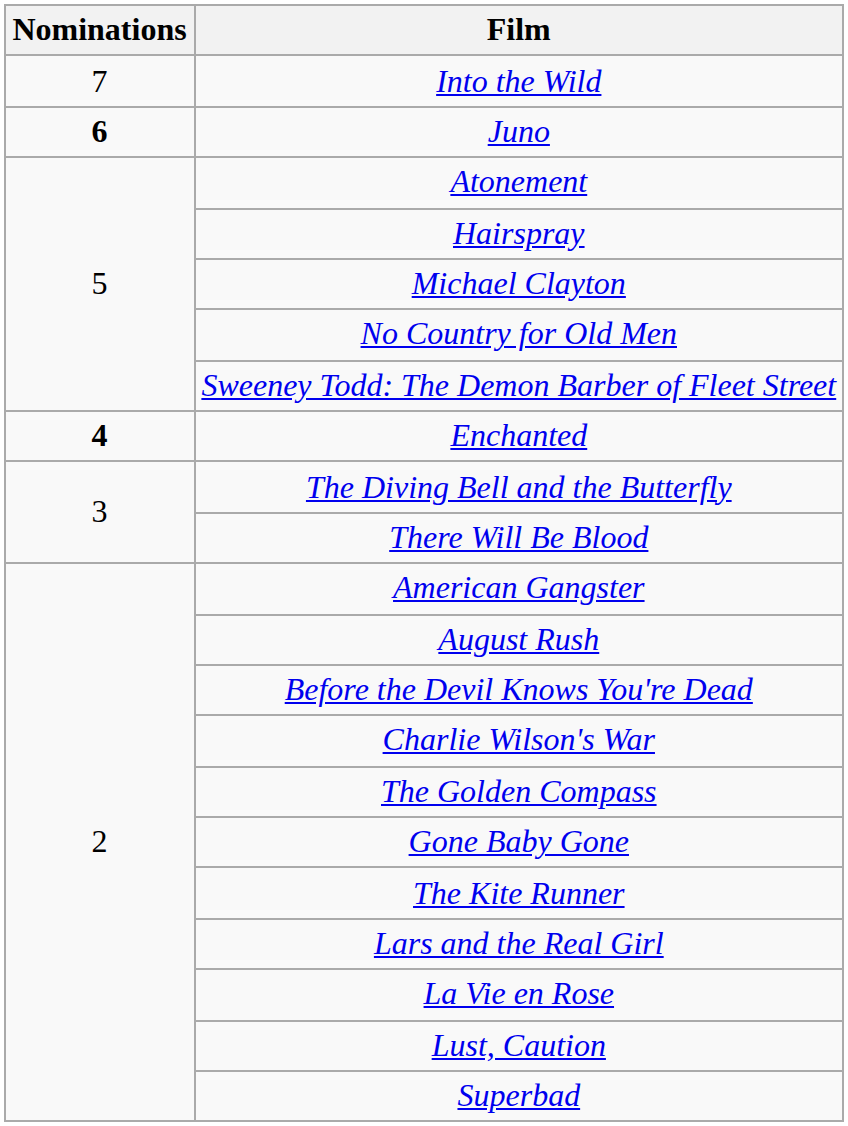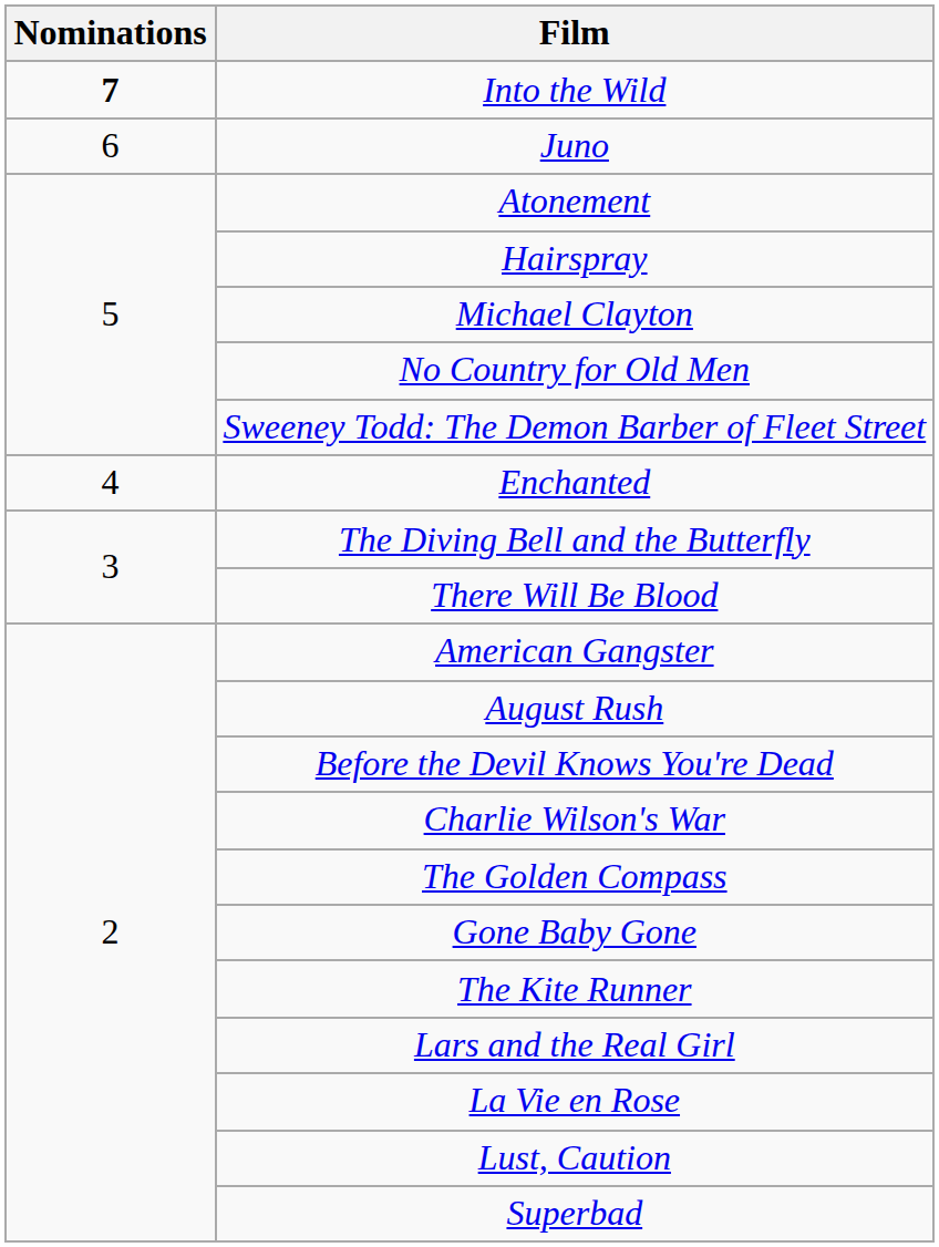 <table class="wikitable" rowspan="2" style="text-align:center;" background: #f6e39c;>
 <tr>
 <th scope="col" style="width:55px;">Nominations</th>
 <th scope="col" style="text-align:center;">Film</th>
 </tr>
 <tr>
-<td>7</td>
+<td><strong>7</strong></td>
 <td><em><a href='#'>Into the Wild</a></em></td>
 </tr>
 <tr>
-<td><strong>6</strong></td>
+<td>6</td>
 <td><em><a href='#'>Juno</a></em></td>
 </tr>
 <tr>
 <td rowspan="5">5</td>
 <td><em><a href='#'>Atonement</a></em></td>
 </tr>
 <tr>
 <td><em><a href='#'>Hairspray</a></em></td>
 </tr>
 <tr>
 <td><em><a href='#'>Michael Clayton</a></em></td>
 </tr>
 <tr>
 <td><em><a href='#'>No Country for Old Men</a></em></td>
 </tr>
 <tr>
 <td><em><a href='#'>Sweeney Todd: The Demon Barber of Fleet Street</a></em></td>
 </tr>
 <tr>
-<td><strong>4</strong></td>
+<td>4</td>
 <td><em><a href='#'>Enchanted</a></em></td>
 </tr>
 <tr>
 <td rowspan="2">3</td>
 <td><em><a href='#'>The Diving Bell and the Butterfly</a></em></td>
 </tr>
 <tr>
 <td><em><a href='#'>There Will Be Blood</a></em></td>
 </tr>
 <tr>
 <td rowspan="11">2</td>
 <td><em><a href='#'>American Gangster</a></em></td>
 </tr>
 <tr>
 <td><em><a href='#'>August Rush</a></em></td>
 </tr>
 <tr>
 <td><em><a href='#'>Before the Devil Knows You're Dead</a></em></td>
 </tr>
 <tr>
 <td><em><a href='#'>Charlie Wilson's War</a></em></td>
 </tr>
 <tr>
 <td><em><a href='#'>The Golden Compass</a></em></td>
 </tr>
 <tr>
 <td><em><a href='#'>Gone Baby Gone</a></em></td>
 </tr>
 <tr>
 <td><em><a href='#'>The Kite Runner</a></em></td>
 </tr>
 <tr>
 <td><em><a href='#'>Lars and the Real Girl</a></em></td>
 </tr>
 <tr>
 <td><em><a href='#'>La Vie en Rose</a></em></td>
 </tr>
 <tr>
 <td><em><a href='#'>Lust, Caution</a></em></td>
 </tr>
 <tr>
 <td><em><a href='#'>Superbad</a></em></td>
 </tr>
 </table>
